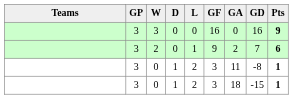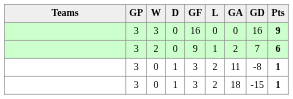 <table style=border-collapse:collapse border=1 cellspacing=0 cellpadding=5>
 <tr align=center bgcolor=#efefef>
 <th width=185>Teams</th>
 <th width=20>GP</th>
 <th width=20>W</th>
 <th width=20>D</th>
+<th width=20>GF</th>
 <th width=20>L</th>
-<th width=20>GF</th>
 <th width=20>GA</th>
 <th width=20>GD</th>
 <th width=20>Pts</th>
 </tr>
 <tr align=center style="background:#ccffcc;">
 <td style="text-align:left;"></td>
 <td>3</td>
 <td>3</td>
 <td>0</td>
+<td>16</td>
 <td>0</td>
-<td>16</td>
 <td>0</td>
 <td>16</td>
 <td><strong>9</strong></td>
 </tr>
 <tr align=center style="background:#ccffcc;">
 <td style="text-align:left;"></td>
 <td>3</td>
 <td>2</td>
 <td>0</td>
+<td>9</td>
 <td>1</td>
-<td>9</td>
 <td>2</td>
 <td>7</td>
 <td><strong>6</strong></td>
 </tr>
 <tr align=center>
 <td style="text-align:left;"></td>
 <td>3</td>
 <td>0</td>
 <td>1</td>
+<td>3</td>
 <td>2</td>
-<td>3</td>
 <td>11</td>
 <td>-8</td>
 <td><strong>1</strong></td>
 </tr>
 <tr align=center>
 <td style="text-align:left;"></td>
 <td>3</td>
 <td>0</td>
 <td>1</td>
+<td>3</td>
 <td>2</td>
-<td>3</td>
 <td>18</td>
 <td>-15</td>
 <td><strong>1</strong></td>
 </tr>
 </table>
